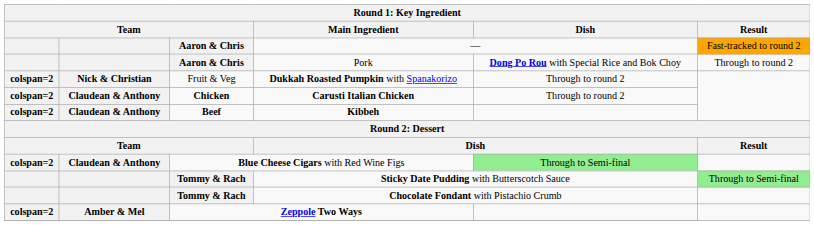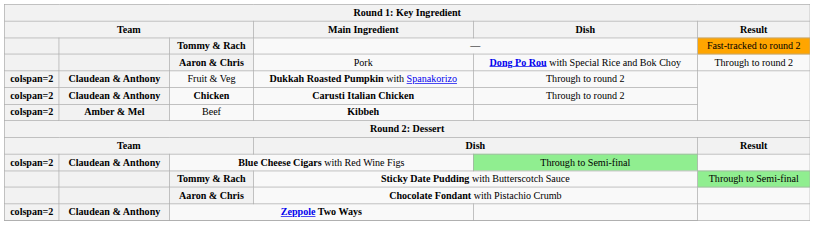 <table class="wikitable plainrowheaders" style="margin:1em auto; text-align:center; font-size:90%; width:80em;">
 <tr>
 <th colspan="8" >Round 1: Key Ingredient</th>
 </tr>
 <tr>
 <th colspan="3">Team</th>
 <th>Main Ingredient</th>
 <th>Dish</th>
 <th>Result</th>
 </tr>
 <tr>
 <th></th>
 <th></th>
-<th>Aaron & Chris</th>
+<th>Tommy & Rach</th>
 <td colspan=2>—</td>
 <td style="background:orange">Fast-tracked to round 2</td>
 </tr>
 <tr>
 <th></th>
 <th></th>
 <th>Aaron & Chris</th>
 <td>Pork</td>
 <td><strong><a href='#'>Dong Po Rou</a></strong> with Special Rice and Bok Choy</td>
 <td>Through to round 2</td>
 </tr>
 <tr>
 <th>colspan=2 </th>
-<th>Nick & Christian</th>
+<th>Claudean & Anthony</th>
 <td>Fruit & Veg</td>
 <td><strong>Dukkah Roasted Pumpkin</strong> with <a href='#'>Spanakorizo</a></td>
 <td>Through to round 2</td>
 </tr>
 <tr>
 <th>colspan=2 </th>
 <th>Claudean & Anthony</th>
 <td><strong>Chicken</strong></td>
 <td><strong>Carusti Italian Chicken</strong></td>
 <td>Through to round 2</td>
 </tr>
 <tr>
 <th>colspan=2 </th>
-<th>Claudean & Anthony</th>
-<td><strong>Beef</strong></td>
+<th>Amber & Mel</th>
+<td>Beef</td>
 <td><strong>Kibbeh</strong></td>
 <td></td>
 </tr>
 <tr>
 <th colspan="8" >Round 2: Dessert</th>
 </tr>
 <tr>
 <th colspan="3">Team</th>
 <th colspan=2>Dish</th>
 <th>Result</th>
 </tr>
 <tr>
 <th>colspan=2 </th>
 <th>Claudean & Anthony</th>
 <td colspan=2><strong>Blue Cheese Cigars</strong> with Red Wine Figs</td>
 <td style="background:lightgreen">Through to Semi-final</td>
 </tr>
 <tr>
 <th></th>
 <th></th>
 <th>Tommy & Rach</th>
 <td colspan=2><strong>Sticky Date Pudding</strong> with Butterscotch Sauce</td>
 <td style="background:lightgreen">Through to Semi-final</td>
 </tr>
 <tr>
 <th></th>
 <th></th>
-<th>Tommy & Rach</th>
+<th>Aaron & Chris</th>
 <td colspan=2><strong>Chocolate Fondant</strong> with Pistachio Crumb</td>
 <td></td>
 </tr>
 <tr>
 <th>colspan=2 </th>
-<th>Amber & Mel</th>
+<th>Claudean & Anthony</th>
 <td colspan=2><strong><a href='#'>Zeppole</a> Two Ways</strong></td>
 <td></td>
 </tr>
 <tr>
 </tr>
 </table>
